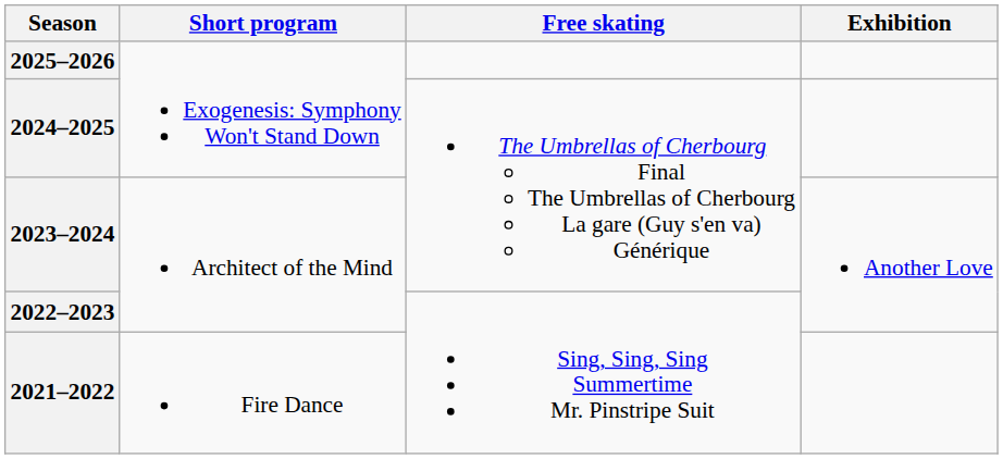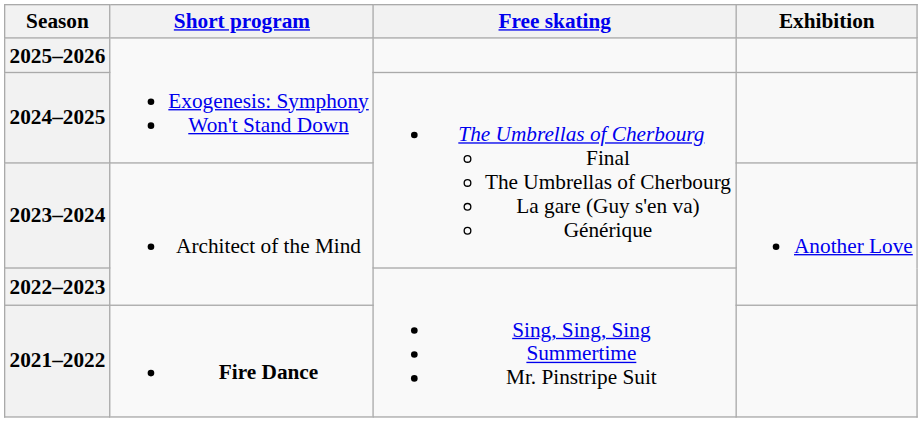 <table class=wikitable style=text-align:center>
 <tr>
 <th>Season</th>
 <th><a href='#'>Short program</a></th>
 <th><a href='#'>Free skating</a></th>
 <th>Exhibition</th>
 </tr>
 <tr>
 <th>2025–2026 <br> </th>
 <td rowspan=2><br><ul><li><a href='#'>Exogenesis: Symphony</a> <br> </li><li><a href='#'>Won't Stand Down</a> <br> </li></ul></td>
 <td></td>
 <td></td>
 </tr>
 <tr>
 <th>2024–2025 <br> </th>
 <td rowspan=2><br><ul><li><em><a href='#'>The Umbrellas of Cherbourg</a></em> <br> <ul><li>Final <br> </li><li>The Umbrellas of Cherbourg <br> </li><li>La gare (Guy s'en va) <br> </li><li>Générique <br> </li></ul></li></ul></td>
 <td></td>
 </tr>
 <tr>
 <th>2023–2024 <br> </th>
 <td rowspan=2><br><ul><li>Architect of the Mind <br> </li></ul></td>
 <td rowspan=2><br><ul><li><a href='#'>Another Love</a> <br></li></ul></td>
 </tr>
 <tr>
 <th>2022–2023 <br> </th>
 <td rowspan=2><br><ul><li><a href='#'>Sing, Sing, Sing</a> <br> </li><li><a href='#'>Summertime</a> <br> </li><li>Mr. Pinstripe Suit <br> </li></ul></td>
 </tr>
 <tr>
 <th>2021–2022 <br> </th>
-<td><br><ul><li>Fire Dance <br> </li></ul></td>
+<td><strong><br><ul><li>Fire Dance <br> </li></ul></strong></td>
 <td></td>
 </tr>
 </table>
